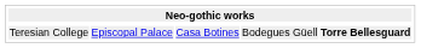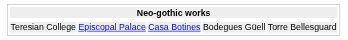 <table style="margin:1em auto; padding:2px; border: 1px solid #BBB; text-align:center; font-size:90%">
 <tr>
 <th colspan="5" style="background:#EEE">Neo-gothic works</th>
 </tr>
 <tr>
 <td></td>
 <td></td>
 <td></td>
 <td></td>
 <td></td>
 </tr>
 <tr style="background:#EEE">
 <td>Teresian College</td>
 <td><a href='#'>Episcopal Palace</a></td>
 <td><a href='#'>Casa Botines</a></td>
 <td>Bodegues Güell</td>
-<td><strong>Torre Bellesguard</strong></td>
+<td>Torre Bellesguard</td>
 </tr>
 </table>
